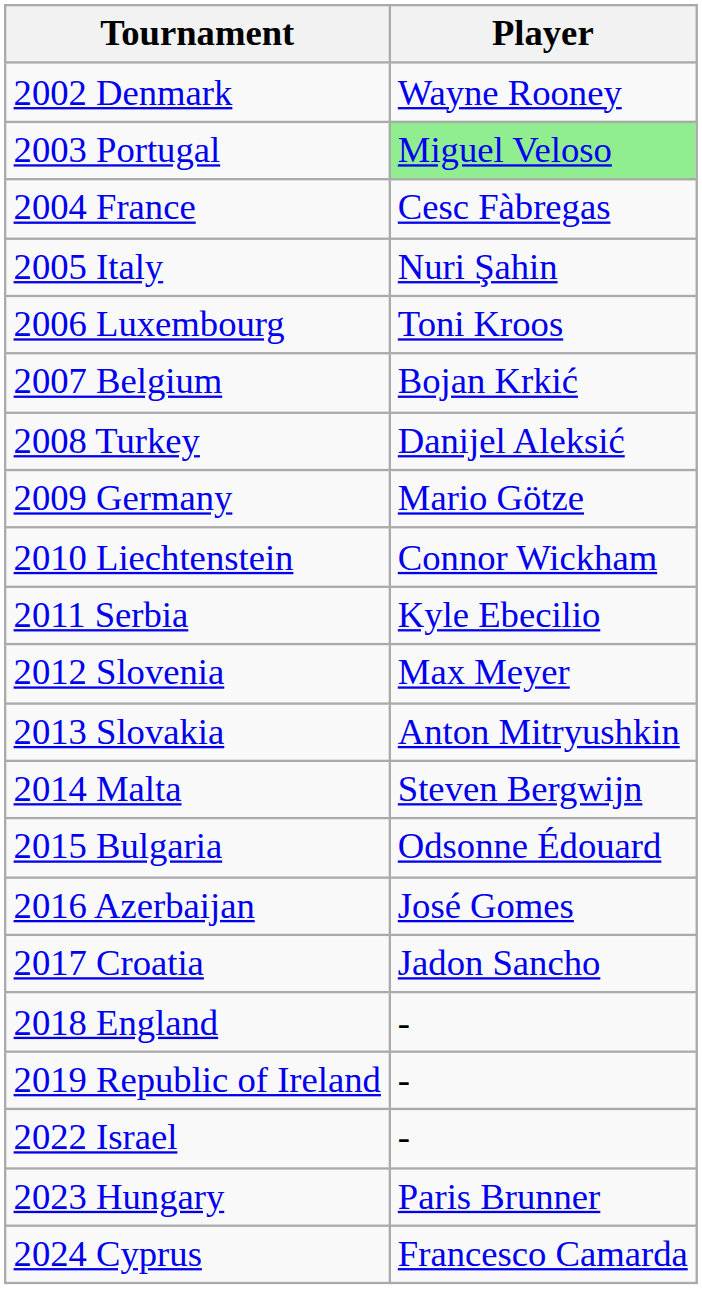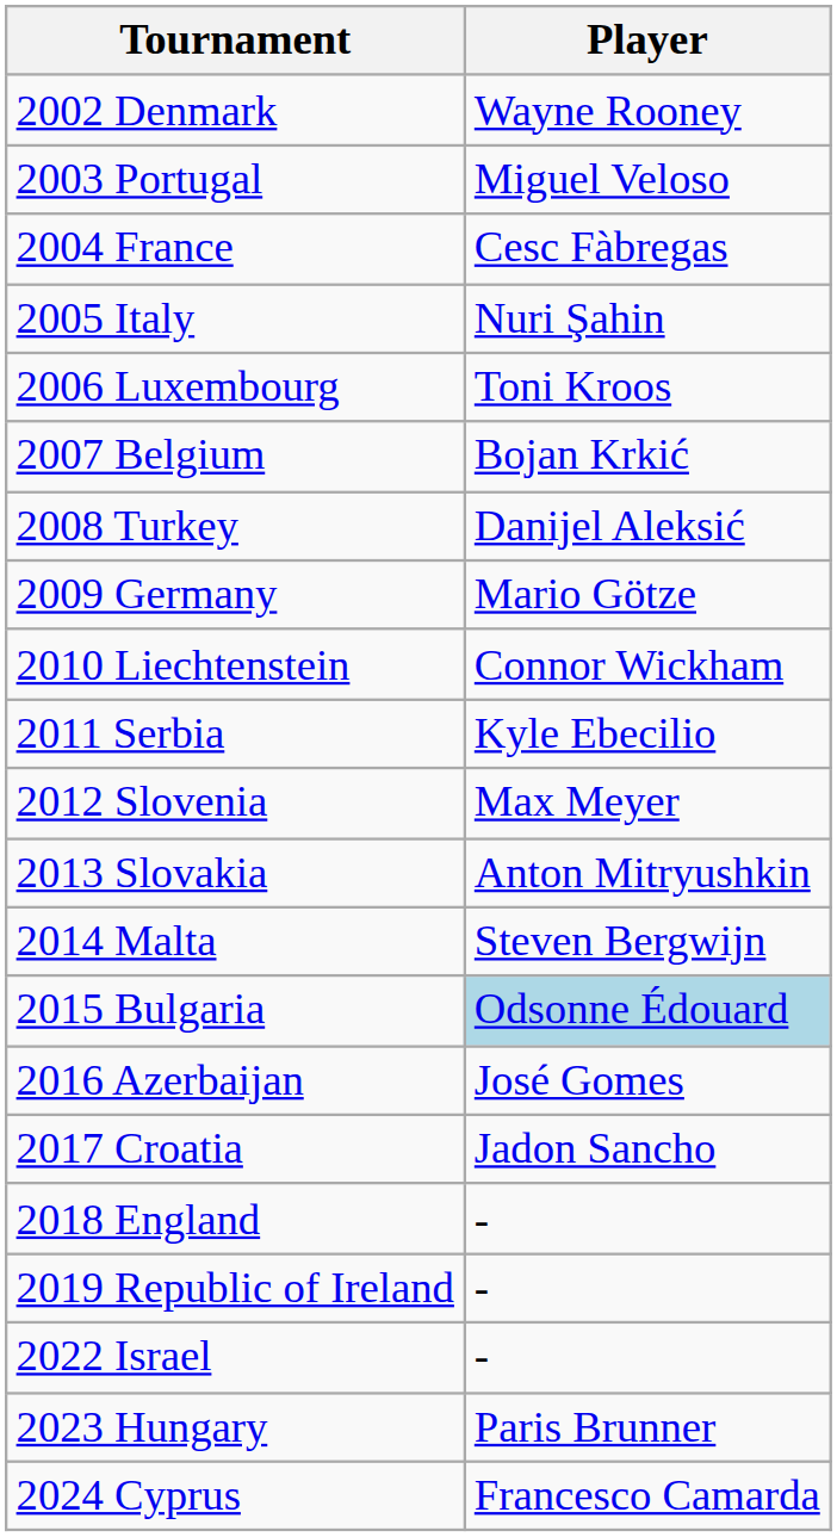 <table class="wikitable">
 <tr>
 <th>Tournament</th>
 <th>Player</th>
 </tr>
 <tr>
 <td><a href='#'>2002 Denmark</a></td>
 <td> <a href='#'>Wayne Rooney</a></td>
 </tr>
 <tr>
 <td><a href='#'>2003 Portugal</a></td>
-<td style="background: lightgreen;"> <a href='#'>Miguel Veloso</a></td>
+<td> <a href='#'>Miguel Veloso</a></td>
 </tr>
 <tr>
 <td><a href='#'>2004 France</a></td>
 <td> <a href='#'>Cesc Fàbregas</a></td>
 </tr>
 <tr>
 <td><a href='#'>2005 Italy</a></td>
 <td> <a href='#'>Nuri Şahin</a></td>
 </tr>
 <tr>
 <td><a href='#'>2006 Luxembourg</a></td>
 <td> <a href='#'>Toni Kroos</a></td>
 </tr>
 <tr>
 <td><a href='#'>2007 Belgium</a></td>
 <td> <a href='#'>Bojan Krkić</a></td>
 </tr>
 <tr>
 <td><a href='#'>2008 Turkey</a></td>
 <td> <a href='#'>Danijel Aleksić</a></td>
 </tr>
 <tr>
 <td><a href='#'>2009 Germany</a></td>
 <td> <a href='#'>Mario Götze</a></td>
 </tr>
 <tr>
 <td><a href='#'>2010 Liechtenstein</a></td>
 <td> <a href='#'>Connor Wickham</a></td>
 </tr>
 <tr>
 <td><a href='#'>2011 Serbia</a></td>
 <td> <a href='#'>Kyle Ebecilio</a></td>
 </tr>
 <tr>
 <td><a href='#'>2012 Slovenia</a></td>
 <td> <a href='#'>Max Meyer</a></td>
 </tr>
 <tr>
 <td><a href='#'>2013 Slovakia</a></td>
 <td> <a href='#'>Anton Mitryushkin</a></td>
 </tr>
 <tr>
 <td><a href='#'>2014 Malta</a></td>
 <td> <a href='#'>Steven Bergwijn</a></td>
 </tr>
 <tr>
 <td><a href='#'>2015 Bulgaria</a></td>
-<td> <a href='#'>Odsonne Édouard</a></td>
+<td style="background: lightblue;"> <a href='#'>Odsonne Édouard</a></td>
 </tr>
 <tr>
 <td><a href='#'>2016 Azerbaijan</a></td>
 <td> <a href='#'>José Gomes</a></td>
 </tr>
 <tr>
 <td><a href='#'>2017 Croatia</a></td>
 <td> <a href='#'>Jadon Sancho</a></td>
 </tr>
 <tr>
 <td><a href='#'>2018 England</a></td>
 <td>-</td>
 </tr>
 <tr>
 <td><a href='#'>2019 Republic of Ireland</a></td>
 <td>-</td>
 </tr>
 <tr>
 <td><a href='#'>2022 Israel</a></td>
 <td>-</td>
 </tr>
 <tr>
 <td><a href='#'>2023 Hungary</a></td>
 <td> <a href='#'>Paris Brunner</a></td>
 </tr>
 <tr>
 <td><a href='#'>2024 Cyprus</a></td>
 <td> <a href='#'>Francesco Camarda</a></td>
 </tr>
 </table>
